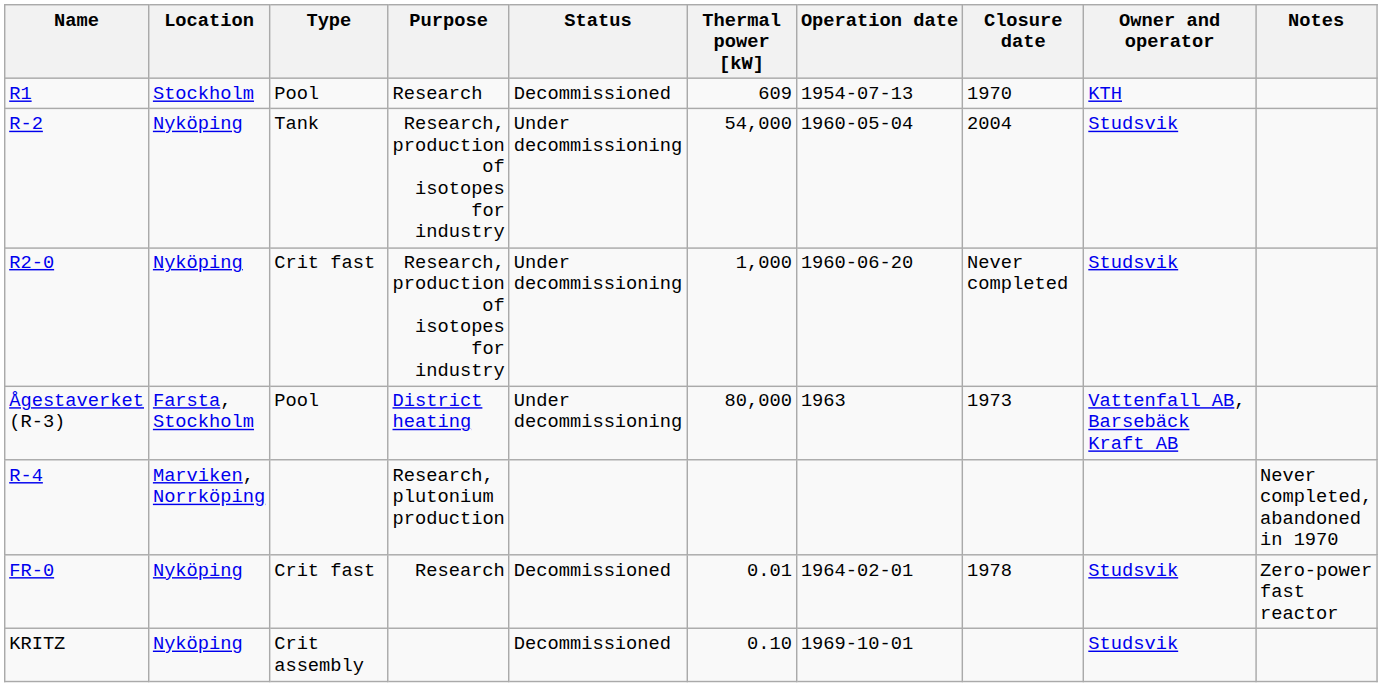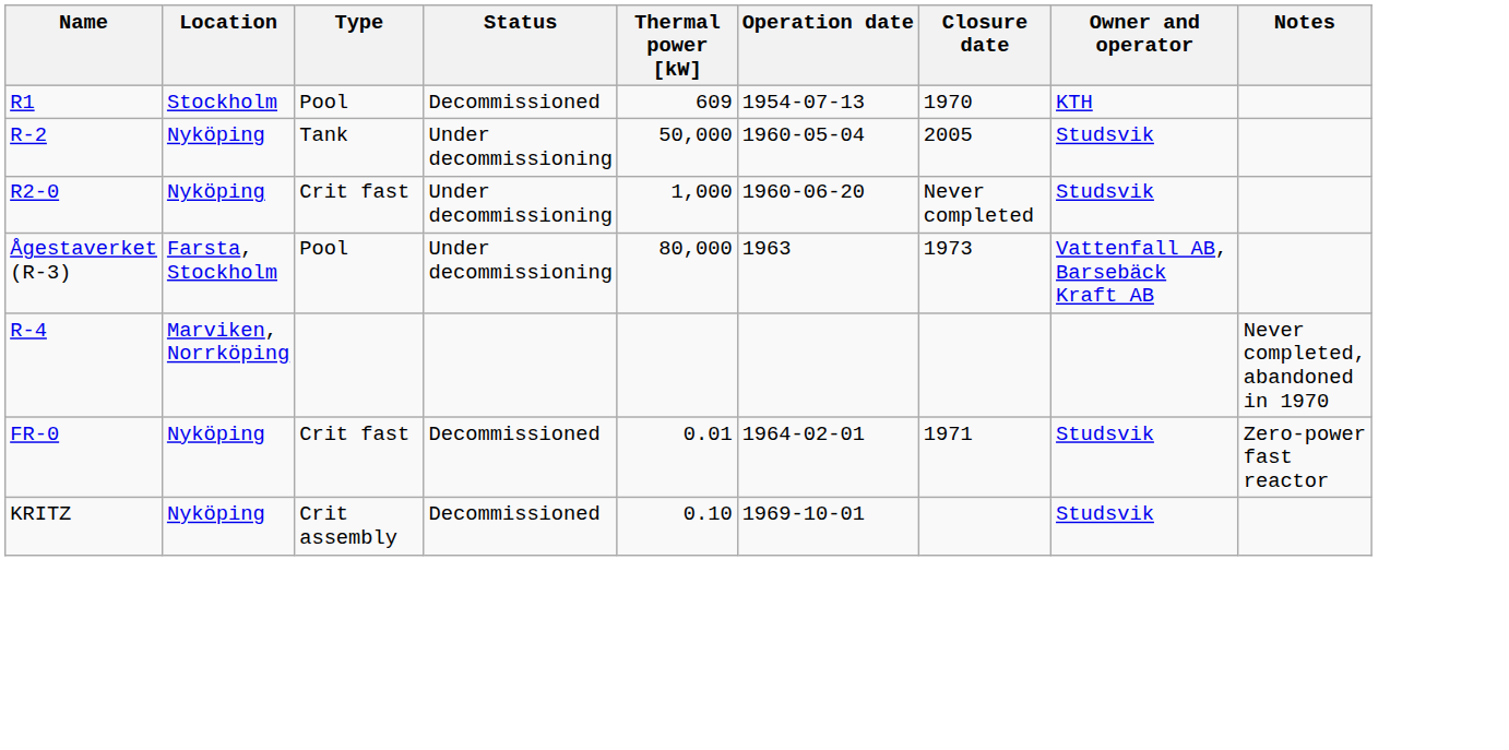 <table class="wikitable" >
 <tr valign="top">
 <th width="80">Name</th>
 <th width="65">Location</th>
 <th width="76">Type</th>
-<th width="65">Purpose</th>
 <th width="91">Status</th>
 <th width="70“">Thermal power [kW]</th>
 <th width=„67“>Operation date</th>
 <th width="78“">Closure date</th>
 <th width="113“">Owner and operator</th>
 <th width="65">Notes</th>
 </tr>
 <tr valign="top">
 <td><a href='#'>R1</a></td>
 <td><a href='#'>Stockholm</a></td>
 <td>Pool</td>
-<td>Research</td>
 <td>Decommissioned</td>
 <td align="right">609</td>
 <td>1954-07-13</td>
 <td>1970</td>
 <td><a href='#'>KTH</a></td>
 <td></td>
 </tr>
 <tr valign="top">
 <td><a href='#'>R-2</a></td>
 <td><a href='#'>Nyköping</a></td>
 <td>Tank</td>
-<td align="right">Research, production of isotopes for industry</td>
 <td>Under decommissioning</td>
-<td align="right">54,000</td>
+<td align="right">50,000</td>
 <td>1960-05-04</td>
-<td>2004</td>
+<td>2005</td>
 <td><a href='#'>Studsvik</a></td>
 <td></td>
 </tr>
 <tr valign="top">
 <td><a href='#'>R2-0</a></td>
 <td><a href='#'>Nyköping</a></td>
 <td>Crit fast</td>
-<td align="right">Research, production of isotopes for industry</td>
 <td>Under decommissioning</td>
 <td align="right">1,000</td>
 <td>1960-06-20</td>
 <td>Never completed</td>
 <td><a href='#'>Studsvik</a></td>
 <td></td>
 </tr>
 <tr valign="top">
 <td><a href='#'>Ågestaverket</a> (R-3)</td>
 <td><a href='#'>Farsta</a>, <a href='#'>Stockholm</a></td>
 <td>Pool</td>
-<td><a href='#'>District heating</a></td>
 <td>Under decommissioning</td>
 <td align="right">80,000</td>
 <td>1963</td>
 <td>1973</td>
 <td><a href='#'>Vattenfall AB</a>,<br><a href='#'>Barsebäck Kraft AB</a></td>
 <td> <br></td>
 </tr>
 <tr valign="top">
 <td> <a href='#'>R-4</a></td>
 <td> <a href='#'>Marviken</a>, <a href='#'>Norrköping</a></td>
 <td></td>
-<td> Research, plutonium production</td>
 <td></td>
 <td></td>
 <td></td>
 <td></td>
 <td></td>
 <td> Never completed, abandoned in 1970</td>
 </tr>
 <tr valign="top">
 <td><a href='#'>FR-0</a></td>
 <td><a href='#'>Nyköping</a></td>
 <td>Crit fast</td>
-<td align="right">Research</td>
 <td>Decommissioned</td>
 <td align="right">0.01</td>
 <td>1964-02-01</td>
-<td>1978</td>
+<td>1971</td>
 <td><a href='#'>Studsvik</a></td>
 <td>Zero-power fast reactor</td>
 </tr>
 <tr valign="top">
 <td>KRITZ</td>
 <td><a href='#'>Nyköping</a></td>
 <td>Crit assembly</td>
-<td></td>
 <td>Decommissioned</td>
 <td align="right">0.10</td>
 <td>1969-10-01</td>
 <td></td>
 <td><a href='#'>Studsvik</a></td>
 <td> </td>
 </tr>
 </table>
